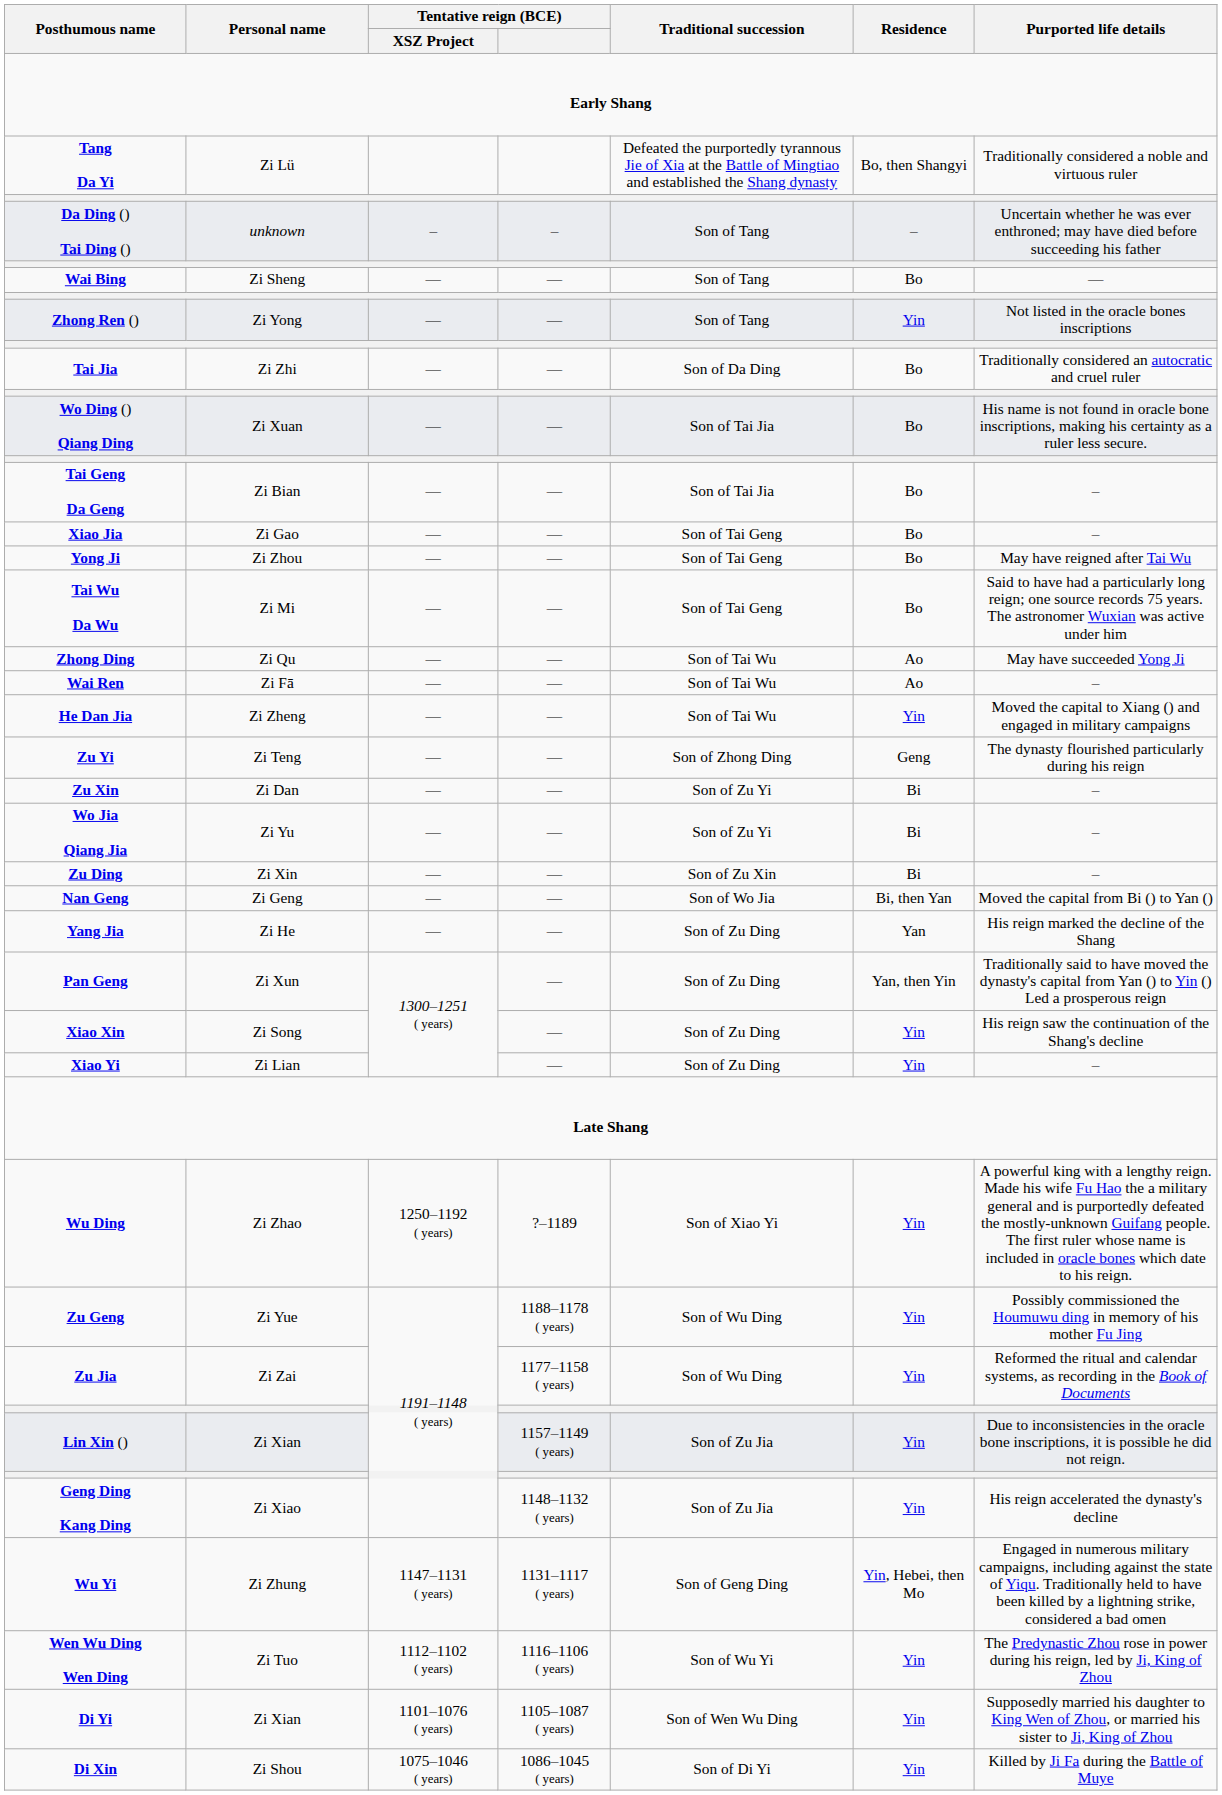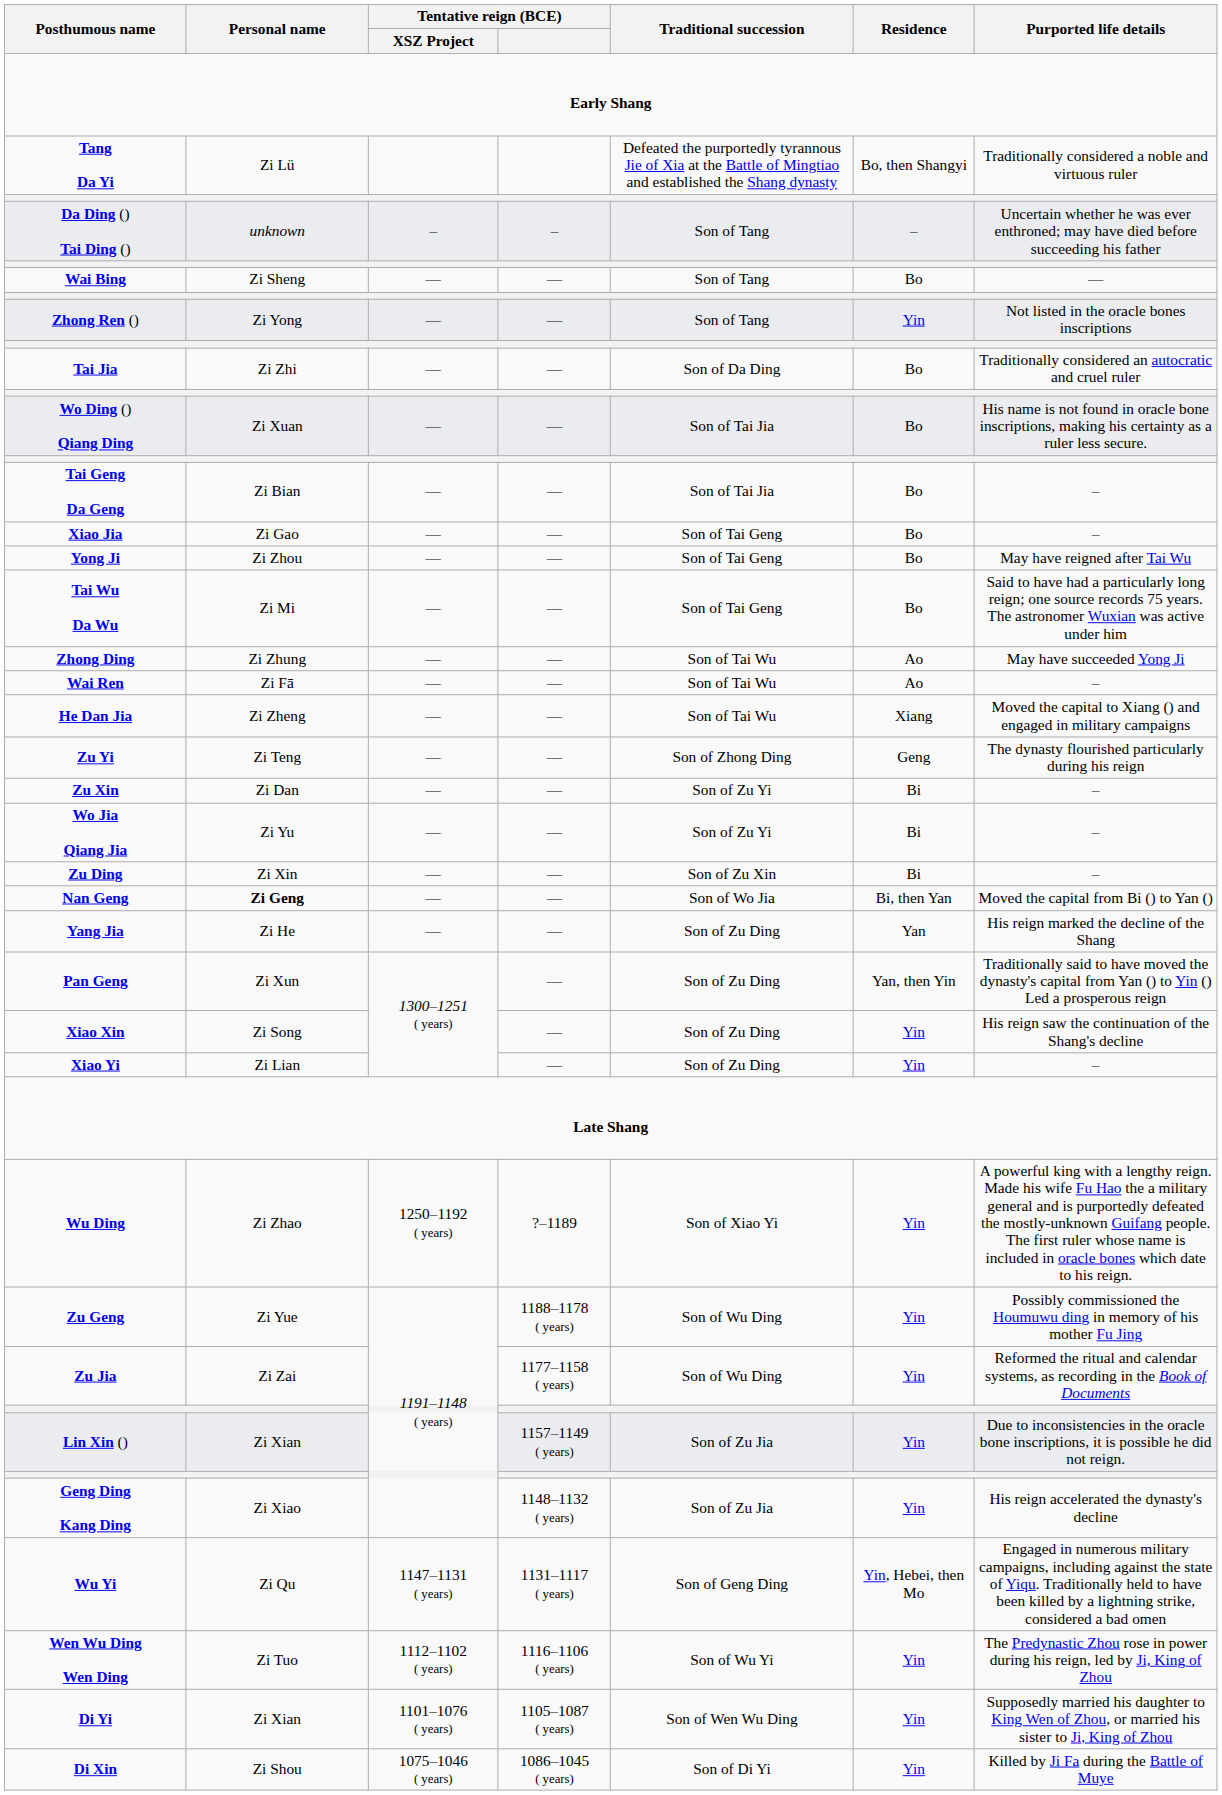 <table class="wikitable plainrowheaders" style="text-align:center; width:100%;">
 <tr>
 <th scope="col" rowspan="2" width="15%">Posthumous name</th>
 <th scope="col" rowspan="2" width="15%">Personal name</th>
 <th scope="col" colspan="2" width="20%">Tentative reign (BCE)</th>
 <th rowspan="2" scope="col" width="20%">Traditional succession</th>
 <th scope="col" rowspan="2" width="10%">Residence</th>
 <th scope="col" rowspan="2" width="20%">Purported life details</th>
 </tr>
 <tr>
 <th>XSZ Project</th>
 <th></th>
 </tr>
 <tr>
 <td colspan="9" data-sort-value="ZZZZ9999"><br><h4>Early Shang</h4></td>
 </tr>
 <tr>
 <td><strong><a href='#'>Tang</a></strong><br><br><strong><a href='#'>Da Yi</a></strong><br></td>
 <td>Zi Lü<br></td>
 <td></td>
 <td></td>
 <td>Defeated the purportedly tyrannous <a href='#'>Jie of Xia</a> at the <a href='#'>Battle of Mingtiao</a> and established the <a href='#'>Shang dynasty</a></td>
 <td>Bo, then Shangyi</td>
 <td>Traditionally considered a noble and virtuous ruler</td>
 </tr>
 <tr>
 <th colspan="7"></th>
 </tr>
 <tr style="background-color: #EAECF0">
 <td><strong><a href='#'>Da Ding</a></strong> ()<br><br><strong><a href='#'>Tai Ding</a></strong> ()<br></td>
 <td><em>unknown</em></td>
 <td>–</td>
 <td>–</td>
 <td>Son of Tang</td>
 <td>–</td>
 <td>Uncertain whether he was ever enthroned; may have died before succeeding his father</td>
 </tr>
 <tr>
 <th colspan="7"></th>
 </tr>
 <tr>
 <td><strong><a href='#'>Wai Bing</a></strong><br></td>
 <td>Zi Sheng<br></td>
 <td>—</td>
 <td>—</td>
 <td>Son of Tang</td>
 <td>Bo</td>
 <td>—</td>
 </tr>
 <tr>
 <th colspan="7"></th>
 </tr>
 <tr style="background-color: #EAECF0">
 <td><strong><a href='#'>Zhong Ren</a></strong> ()<br></td>
 <td>Zi Yong<br></td>
 <td>—</td>
 <td>—</td>
 <td>Son of Tang</td>
 <td><a href='#'>Yin</a></td>
 <td>Not listed in the oracle bones inscriptions</td>
 </tr>
 <tr>
 <th colspan="7"></th>
 </tr>
 <tr>
 <td><strong><a href='#'>Tai Jia</a></strong><br></td>
 <td>Zi Zhi<br></td>
 <td>—</td>
 <td>—</td>
 <td>Son of Da Ding</td>
 <td>Bo</td>
 <td>Traditionally considered an <a href='#'>autocratic</a> and cruel ruler</td>
 </tr>
 <tr>
 <th colspan="7"></th>
 </tr>
 <tr style="background-color: #EAECF0">
 <td><strong><a href='#'>Wo Ding</a></strong> ()<br><br><strong><a href='#'>Qiang Ding</a></strong><br></td>
 <td>Zi Xuan<br></td>
 <td>—</td>
 <td>—</td>
 <td>Son of Tai Jia</td>
 <td>Bo</td>
 <td>His name is not found in oracle bone inscriptions, making his certainty as a ruler less secure.</td>
 </tr>
 <tr>
 <th colspan="7"></th>
 </tr>
 <tr>
 <td><strong><a href='#'>Tai Geng</a></strong><br><br><strong><a href='#'>Da Geng</a></strong><br></td>
 <td>Zi Bian<br></td>
 <td>—</td>
 <td>—</td>
 <td>Son of Tai Jia</td>
 <td>Bo</td>
 <td>–</td>
 </tr>
 <tr>
 <td><strong><a href='#'>Xiao Jia</a></strong><br></td>
 <td>Zi Gao<br></td>
 <td>—</td>
 <td>—</td>
 <td>Son of Tai Geng</td>
 <td>Bo</td>
 <td>–</td>
 </tr>
 <tr>
 <td><strong><a href='#'>Yong Ji</a></strong><br></td>
 <td>Zi Zhou<br></td>
 <td>—</td>
 <td>—</td>
 <td>Son of Tai Geng</td>
 <td>Bo</td>
 <td>May have reigned after <a href='#'>Tai Wu</a></td>
 </tr>
 <tr>
 <td><strong><a href='#'>Tai Wu</a></strong><br><br><strong><a href='#'>Da Wu</a></strong><br></td>
 <td>Zi Mi<br></td>
 <td>—</td>
 <td>—</td>
 <td>Son of Tai Geng</td>
 <td>Bo</td>
 <td>Said to have had a particularly long reign; one source records 75 years. The astronomer <a href='#'>Wuxian</a> was active under him</td>
 </tr>
 <tr>
 <td><strong><a href='#'>Zhong Ding</a></strong><br></td>
-<td>Zi Qu<br></td>
+<td>Zi Zhung<br></td>
 <td>—</td>
 <td>—</td>
 <td>Son of Tai Wu</td>
 <td>Ao</td>
 <td>May have succeeded <a href='#'>Yong Ji</a></td>
 </tr>
 <tr>
 <td><strong><a href='#'>Wai Ren</a></strong><br></td>
 <td>Zi Fā<br></td>
 <td>—</td>
 <td>—</td>
 <td>Son of Tai Wu</td>
 <td>Ao</td>
 <td>–</td>
 </tr>
 <tr>
 <td><strong><a href='#'>He Dan Jia</a></strong><br></td>
 <td>Zi Zheng<br></td>
 <td>—</td>
 <td>—</td>
 <td>Son of Tai Wu</td>
-<td><a href='#'>Yin</a></td>
+<td>Xiang</td>
 <td>Moved the capital to Xiang () and engaged in military campaigns</td>
 </tr>
 <tr>
 <td><strong><a href='#'>Zu Yi</a></strong><br></td>
 <td>Zi Teng<br></td>
 <td>—</td>
 <td>—</td>
 <td>Son of Zhong Ding</td>
 <td>Geng</td>
 <td>The dynasty flourished particularly during his reign</td>
 </tr>
 <tr>
 <td><strong><a href='#'>Zu Xin</a></strong><br></td>
 <td>Zi Dan<br></td>
 <td>—</td>
 <td>—</td>
 <td>Son of Zu Yi</td>
 <td>Bi</td>
 <td>–</td>
 </tr>
 <tr>
 <td><strong><a href='#'>Wo Jia</a></strong><br><br><strong><a href='#'>Qiang Jia</a></strong><br></td>
 <td>Zi Yu<br></td>
 <td>—</td>
 <td>—</td>
 <td>Son of Zu Yi</td>
 <td>Bi</td>
 <td>–</td>
 </tr>
 <tr>
 <td><strong><a href='#'>Zu Ding</a></strong><br></td>
 <td>Zi Xin<br></td>
 <td>—</td>
 <td>—</td>
 <td>Son of Zu Xin</td>
 <td>Bi</td>
 <td>–</td>
 </tr>
 <tr>
 <td><strong><a href='#'>Nan Geng</a></strong><br></td>
-<td>Zi Geng<br></td>
+<td><strong>Zi Geng<br></strong></td>
 <td>—</td>
 <td>—</td>
 <td>Son of Wo Jia</td>
 <td>Bi, then Yan</td>
 <td>Moved the capital from Bi () to Yan ()</td>
 </tr>
 <tr>
 <td><strong><a href='#'>Yang Jia</a></strong><br></td>
 <td>Zi He<br></td>
 <td>—</td>
 <td>—</td>
 <td>Son of Zu Ding</td>
 <td>Yan</td>
 <td>His reign marked the decline of the Shang</td>
 </tr>
 <tr>
 <td><strong><a href='#'>Pan Geng</a></strong><br></td>
 <td>Zi Xun<br></td>
 <td rowspan="3"><em>1300–1251</em><br><small>( years)</small></td>
 <td>—</td>
 <td>Son of Zu Ding</td>
 <td>Yan, then Yin</td>
 <td>Traditionally said to have moved the dynasty's capital from Yan () to <a href='#'>Yin</a> () Led a prosperous reign</td>
 </tr>
 <tr>
 <td><strong><a href='#'>Xiao Xin</a></strong><br></td>
 <td>Zi Song<br></td>
 <td>—</td>
 <td>Son of Zu Ding</td>
 <td><a href='#'>Yin</a></td>
 <td>His reign saw the continuation of the Shang's decline</td>
 </tr>
 <tr>
 <td><strong><a href='#'>Xiao Yi</a></strong><br></td>
 <td>Zi Lian<br></td>
 <td>—</td>
 <td>Son of Zu Ding</td>
 <td><a href='#'>Yin</a></td>
 <td>–</td>
 </tr>
 <tr>
 <td colspan="9" data-sort-value="ZZZZ9999"><br><h4>Late Shang</h4></td>
 </tr>
 <tr>
 <td><strong><a href='#'>Wu Ding</a></strong><br></td>
 <td>Zi Zhao<br></td>
 <td>1250–1192<br><small>( years)</small></td>
 <td>?–1189</td>
 <td>Son of Xiao Yi</td>
 <td><a href='#'>Yin</a></td>
 <td>A powerful king with a lengthy reign. Made his wife <a href='#'>Fu Hao</a> the a military general and is purportedly defeated the mostly-unknown <a href='#'>Guifang</a> people. The first ruler whose name is included in <a href='#'>oracle bones</a> which date to his reign.</td>
 </tr>
 <tr>
 <td><strong><a href='#'>Zu Geng</a></strong><br></td>
 <td>Zi Yue<br></td>
 <td rowspan="6"><em>1191–1148</em><br><small>( years)</small></td>
 <td>1188–1178<br><small>( years)</small></td>
 <td>Son of Wu Ding</td>
 <td><a href='#'>Yin</a></td>
 <td>Possibly commissioned the <a href='#'>Houmuwu ding</a> in memory of his mother <a href='#'>Fu Jing</a></td>
 </tr>
 <tr>
 <td><strong><a href='#'>Zu Jia</a></strong><br></td>
 <td>Zi Zai<br></td>
 <td>1177–1158<br><small>( years)</small></td>
 <td>Son of Wu Ding</td>
 <td><a href='#'>Yin</a></td>
 <td>Reformed the ritual and calendar systems, as recording in the <em><a href='#'>Book of Documents</a></em></td>
 </tr>
 <tr>
 <th colspan="7"></th>
 </tr>
 <tr style="background-color: #EAECF0">
 <td><strong><a href='#'>Lin Xin</a></strong> ()<br></td>
 <td>Zi Xian<br></td>
 <td>1157–1149<br><small>( years)</small></td>
 <td>Son of Zu Jia</td>
 <td><a href='#'>Yin</a></td>
 <td>Due to inconsistencies in the oracle bone inscriptions, it is possible he did not reign.</td>
 </tr>
 <tr>
 <th colspan="7"></th>
 </tr>
 <tr>
 <td><strong><a href='#'>Geng Ding</a></strong><br><br><strong><a href='#'>Kang Ding</a></strong><br></td>
 <td>Zi Xiao<br></td>
 <td>1148–1132<br><small>( years)</small></td>
 <td>Son of Zu Jia</td>
 <td><a href='#'>Yin</a></td>
 <td>His reign accelerated the dynasty's decline</td>
 </tr>
 <tr>
 <td><strong><a href='#'>Wu Yi</a></strong><br></td>
-<td>Zi Zhung<br></td>
+<td>Zi Qu<br></td>
 <td>1147–1131<br><small>( years)</small></td>
 <td>1131–1117<br><small>( years)</small></td>
 <td>Son of Geng Ding</td>
 <td><a href='#'>Yin</a>, Hebei, then Mo</td>
 <td>Engaged in numerous military campaigns, including against the state of <a href='#'>Yiqu</a>. Traditionally held to have been killed by a lightning strike, considered a bad omen</td>
 </tr>
 <tr>
 <td><strong><a href='#'>Wen Wu Ding</a></strong><br><br><strong><a href='#'>Wen Ding</a></strong><br></td>
 <td>Zi Tuo<br></td>
 <td>1112–1102<br><small>( years)</small></td>
 <td>1116–1106<br><small>( years)</small></td>
 <td>Son of Wu Yi</td>
 <td><a href='#'>Yin</a></td>
 <td>The <a href='#'>Predynastic Zhou</a> rose in power during his reign, led by <a href='#'>Ji, King of Zhou</a></td>
 </tr>
 <tr>
 <td><strong><a href='#'>Di Yi</a></strong><br></td>
 <td>Zi Xian<br></td>
 <td>1101–1076<br><small>( years)</small></td>
 <td>1105–1087<br><small>( years)</small></td>
 <td>Son of Wen Wu Ding</td>
 <td><a href='#'>Yin</a></td>
 <td>Supposedly married his daughter to <a href='#'>King Wen of Zhou</a>, or married his sister to <a href='#'>Ji, King of Zhou</a></td>
 </tr>
 <tr>
 <td><strong><a href='#'>Di Xin</a></strong><br></td>
 <td>Zi Shou<br></td>
 <td>1075–1046<br><small>( years)</small></td>
 <td>1086–1045<br><small>( years)</small></td>
 <td>Son of Di Yi</td>
 <td><a href='#'>Yin</a></td>
 <td>Killed by <a href='#'>Ji Fa</a> during the <a href='#'>Battle of Muye</a></td>
 </tr>
 </table>
